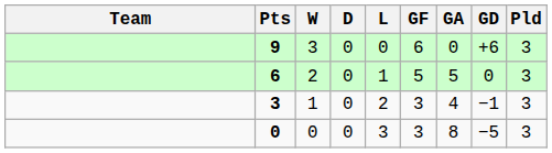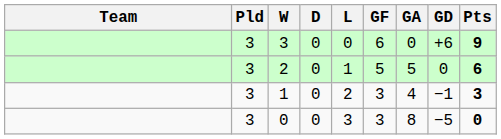 <table class="wikitable" style="text-align:center;">
 <tr>
 <th width=180>Team</th>
-<th width=20>Pts</th>
+<th width=20>Pld</th>
 <th width=20>W</th>
 <th width=20>D</th>
 <th width=20>L</th>
 <th width=20>GF</th>
 <th width=20>GA</th>
 <th width=20>GD</th>
-<th width=20>Pld</th>
+<th width=20>Pts</th>
 </tr>
 <tr bgcolor="ccffcc">
 <td align="left"></td>
-<td><strong>9</strong></td>
+<td>3</td>
 <td>3</td>
 <td>0</td>
 <td>0</td>
 <td>6</td>
 <td>0</td>
 <td>+6</td>
-<td>3</td>
+<td><strong>9</strong></td>
 </tr>
 <tr bgcolor="ccffcc">
 <td align="left"></td>
-<td><strong>6</strong></td>
+<td>3</td>
 <td>2</td>
 <td>0</td>
 <td>1</td>
 <td>5</td>
 <td>5</td>
 <td>0</td>
-<td>3</td>
+<td><strong>6</strong></td>
 </tr>
 <tr>
 <td align="left"></td>
-<td><strong>3</strong></td>
+<td>3</td>
 <td>1</td>
 <td>0</td>
 <td>2</td>
 <td>3</td>
 <td>4</td>
 <td>−1</td>
-<td>3</td>
+<td><strong>3</strong></td>
 </tr>
 <tr>
 <td align="left"></td>
-<td><strong>0</strong></td>
+<td>3</td>
 <td>0</td>
 <td>0</td>
 <td>3</td>
 <td>3</td>
 <td>8</td>
 <td>−5</td>
-<td>3</td>
+<td><strong>0</strong></td>
 </tr>
 </table>
